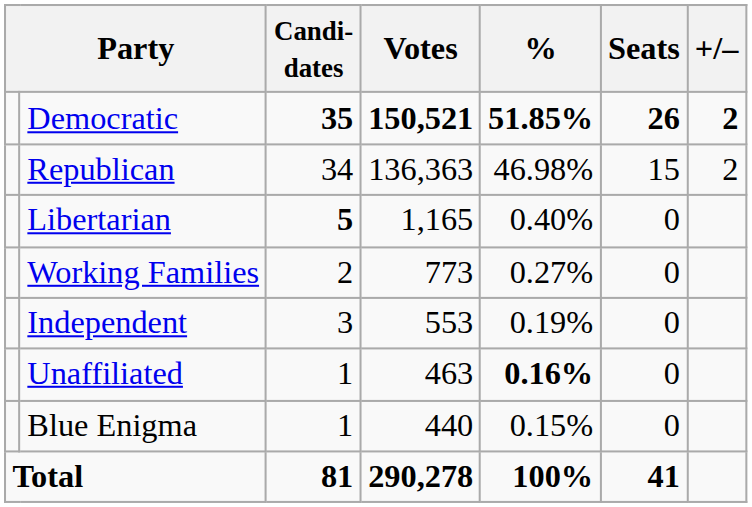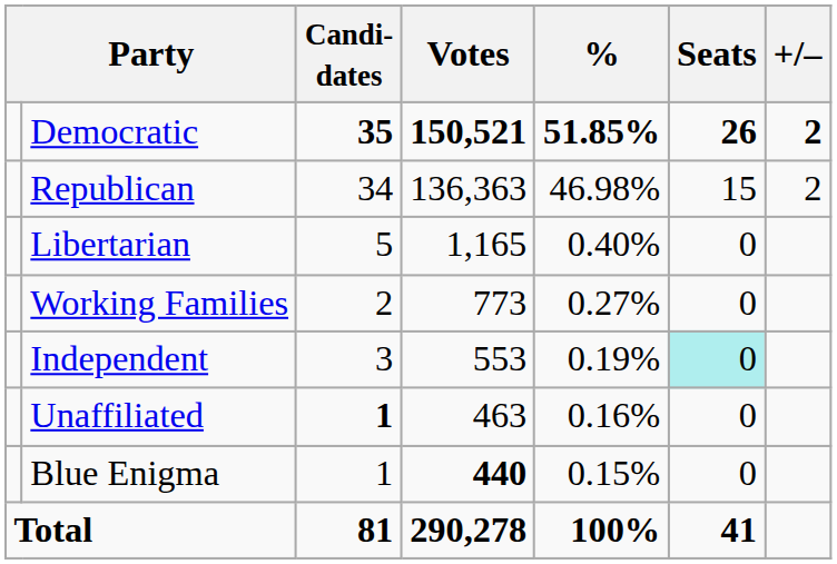 <table class="wikitable" style="font-size:100%; text-align:right;">
 <tr>
 <th colspan=2>Party</th>
 <th><small>Candi-<br>dates</small></th>
 <th>Votes</th>
 <th>%</th>
 <th>Seats</th>
 <th>+/–</th>
 </tr>
 <tr>
 <td style="background:"></td>
 <td align=left><a href='#'>Democratic</a></td>
 <td><strong>35</strong></td>
 <td><strong>150,521</strong></td>
 <td><strong>51.85%</strong></td>
 <td><strong>26</strong></td>
 <td><strong>2</strong></td>
 </tr>
 <tr>
 <td style="background:"></td>
 <td align=left><a href='#'>Republican</a></td>
 <td>34</td>
 <td>136,363</td>
 <td>46.98%</td>
 <td>15</td>
 <td>2</td>
 </tr>
 <tr>
 <td style="background:"></td>
 <td align=left><a href='#'>Libertarian</a></td>
-<td><strong>5</strong></td>
+<td>5</td>
 <td>1,165</td>
 <td>0.40%</td>
 <td>0</td>
 <td></td>
 </tr>
 <tr>
 <td style="background:"></td>
 <td align=left><a href='#'>Working Families</a></td>
 <td>2</td>
 <td>773</td>
 <td>0.27%</td>
 <td>0</td>
 <td></td>
 </tr>
 <tr>
 <td style="background:"></td>
 <td align=left><a href='#'>Independent</a></td>
 <td>3</td>
 <td>553</td>
 <td>0.19%</td>
-<td>0</td>
+<td style="background: paleturquoise;">0</td>
 <td></td>
 </tr>
 <tr>
 <td style="background:"></td>
 <td align=left><a href='#'>Unaffiliated</a></td>
-<td>1</td>
+<td><strong>1</strong></td>
 <td>463</td>
-<td><strong>0.16%</strong></td>
+<td>0.16%</td>
 <td>0</td>
 <td></td>
 </tr>
 <tr>
 <td style="background:"></td>
 <td align=left>Blue Enigma</td>
 <td>1</td>
-<td>440</td>
+<td><strong>440</strong></td>
 <td>0.15%</td>
 <td>0</td>
 <td></td>
 </tr>
 <tr style="font-weight:bold">
 <td colspan=2 align=left>Total</td>
 <td>81</td>
 <td>290,278</td>
 <td>100%</td>
 <td>41</td>
 <td></td>
 </tr>
 </table>
